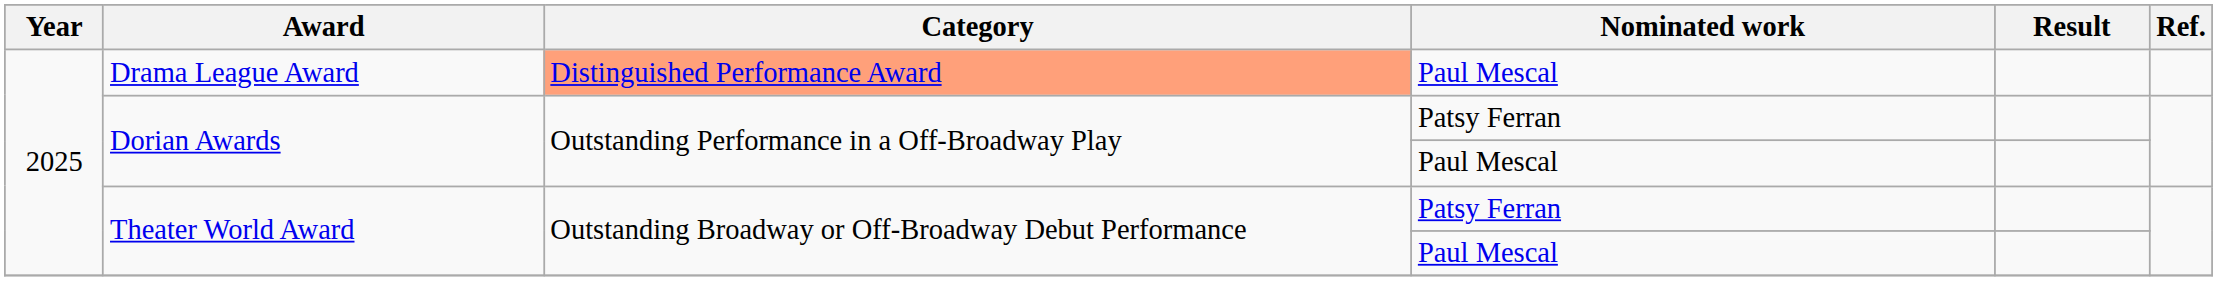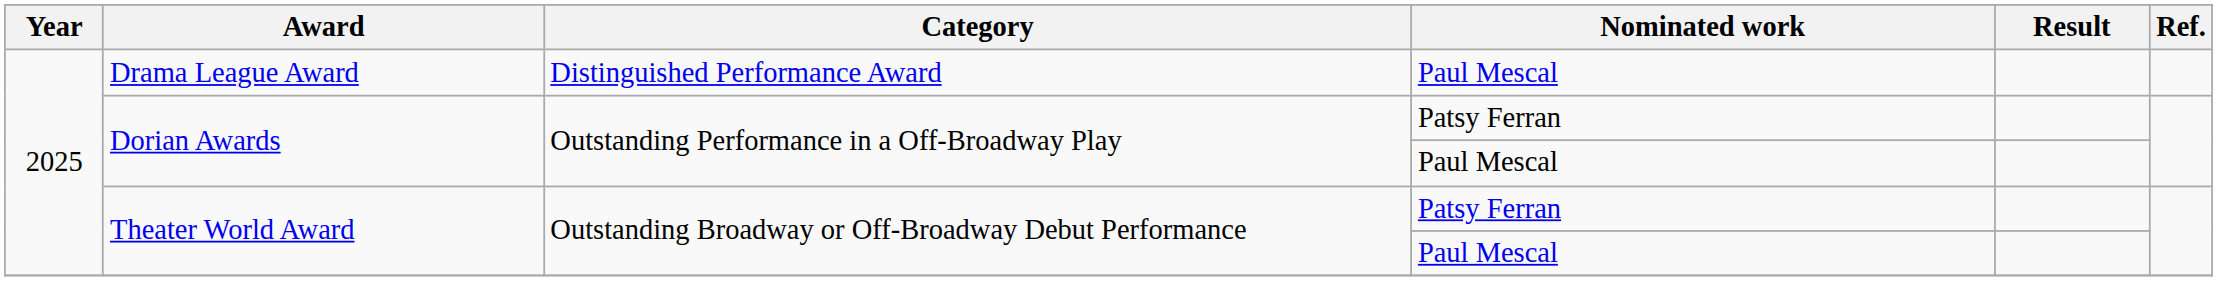 <table class=wikitable>
 <tr>
 <th scope="col" style="width:3em;">Year</th>
 <th scope="col" style="width:15em;">Award</th>
 <th scope="col" style="width:30em;">Category</th>
 <th scope="col" style="width:20em;">Nominated work</th>
 <th scope="col" style="width:5em;">Result</th>
 <th>Ref.</th>
 </tr>
 <tr>
 <td style="text-align:center;", rowspan=5>2025</td>
 <td><a href='#'>Drama League Award</a></td>
-<td style="background: lightsalmon;"><a href='#'>Distinguished Performance Award</a></td>
+<td><a href='#'>Distinguished Performance Award</a></td>
 <td><a href='#'>Paul Mescal</a></td>
 <td></td>
 <td style="text-align:center;"></td>
 </tr>
 <tr>
 <td rowspan=2><a href='#'>Dorian Awards</a></td>
 <td rowspan=2>Outstanding Performance in a Off-Broadway Play</td>
 <td>Patsy Ferran</td>
 <td></td>
 <td rowspan=2></td>
 </tr>
 <tr>
 <td>Paul Mescal</td>
 <td></td>
 </tr>
 <tr>
 <td rowspan=2><a href='#'>Theater World Award</a></td>
 <td rowspan=2>Outstanding Broadway or Off-Broadway Debut Performance</td>
 <td><a href='#'>Patsy Ferran</a></td>
 <td></td>
 <td align=center, rowspan=2></td>
 </tr>
 <tr>
 <td><a href='#'>Paul Mescal</a></td>
 <td></td>
 </tr>
 <tr>
 </tr>
 </table>
